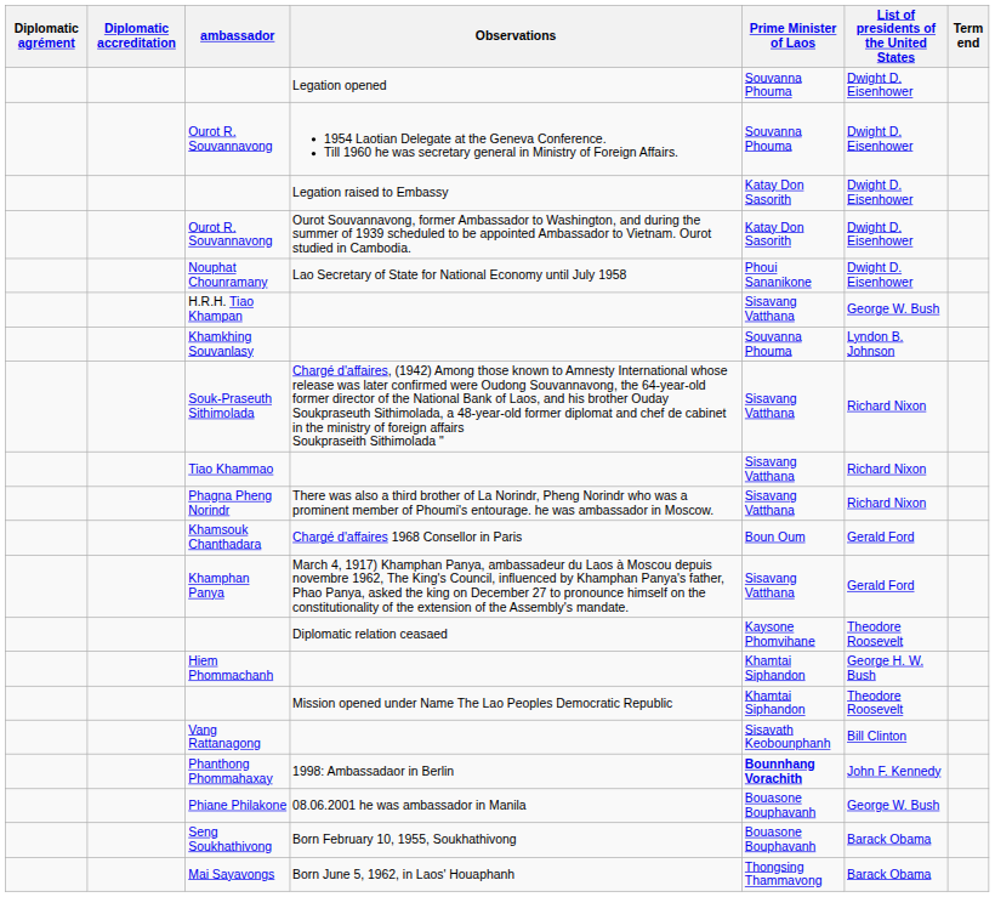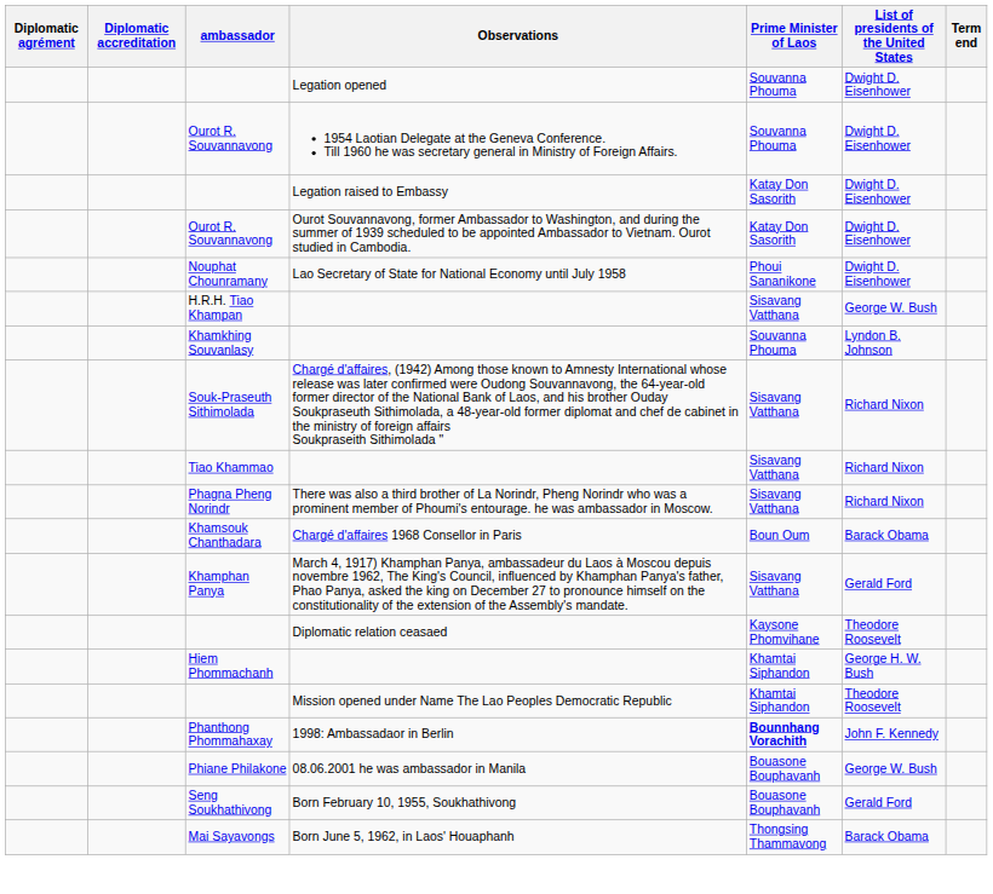 <table class="wikitable sortable">
 <tr>
 <th>Diplomatic <a href='#'>agrément</a></th>
 <th><a href='#'>Diplomatic accreditation</a></th>
 <th><a href='#'>ambassador</a></th>
 <th>Observations</th>
 <th><a href='#'>Prime Minister of Laos</a></th>
 <th><a href='#'>List of presidents of the United States</a></th>
 <th>Term end</th>
 </tr>
 <tr>
 <td></td>
 <td></td>
 <td></td>
 <td>Legation opened</td>
 <td><a href='#'>Souvanna Phouma</a></td>
 <td><a href='#'>Dwight D. Eisenhower</a></td>
 <td></td>
 </tr>
 <tr>
 <td></td>
 <td></td>
 <td><a href='#'>Ourot R. Souvannavong</a></td>
 <td><br><ul><li>1954 Laotian Delegate at the Geneva Conference.</li><li>Till 1960 he was secretary general in Ministry of Foreign Affairs.</li></ul></td>
 <td><a href='#'>Souvanna Phouma</a></td>
 <td><a href='#'>Dwight D. Eisenhower</a></td>
 <td></td>
 </tr>
 <tr>
 <td></td>
 <td></td>
 <td></td>
 <td>Legation raised to Embassy</td>
 <td><a href='#'>Katay Don Sasorith</a></td>
 <td><a href='#'>Dwight D. Eisenhower</a></td>
 <td></td>
 </tr>
 <tr>
 <td></td>
 <td></td>
 <td><a href='#'>Ourot R. Souvannavong</a></td>
 <td>Ourot Souvannavong, former Ambassador to Washington, and during the summer of 1939 scheduled to be appointed Ambassador to Vietnam. Ourot studied in Cambodia.</td>
 <td><a href='#'>Katay Don Sasorith</a></td>
 <td><a href='#'>Dwight D. Eisenhower</a></td>
 <td></td>
 </tr>
 <tr>
 <td></td>
 <td></td>
 <td><a href='#'>Nouphat Chounramany</a></td>
 <td>Lao Secretary of State for National Economy until July 1958</td>
 <td><a href='#'>Phoui Sananikone</a></td>
 <td><a href='#'>Dwight D. Eisenhower</a></td>
 <td></td>
 </tr>
 <tr>
 <td></td>
 <td></td>
 <td>H.R.H. <a href='#'>Tiao Khampan</a></td>
 <td></td>
 <td><a href='#'>Sisavang Vatthana</a></td>
 <td><a href='#'>George W. Bush</a></td>
 <td></td>
 </tr>
 <tr>
 <td></td>
 <td></td>
 <td><a href='#'>Khamkhing Souvanlasy</a></td>
 <td></td>
 <td><a href='#'>Souvanna Phouma</a></td>
 <td><a href='#'>Lyndon B. Johnson</a></td>
 <td></td>
 </tr>
 <tr>
 <td></td>
 <td></td>
 <td><a href='#'>Souk-Praseuth Sithimolada</a></td>
 <td><a href='#'>Chargé d'affaires</a>, (1942) Among those known to Amnesty International whose release was later confirmed were Oudong Souvannavong, the 64-year-old former director of the National Bank of Laos, and his brother Ouday Soukpraseuth Sithimolada, a 48-year-old former diplomat and chef de cabinet in the ministry of foreign affairs<br>Soukpraseith Sithimolada "</td>
 <td><a href='#'>Sisavang Vatthana</a></td>
 <td><a href='#'>Richard Nixon</a></td>
 <td></td>
 </tr>
 <tr>
 <td></td>
 <td></td>
 <td><a href='#'>Tiao Khammao</a></td>
 <td></td>
 <td><a href='#'>Sisavang Vatthana</a></td>
 <td><a href='#'>Richard Nixon</a></td>
 <td></td>
 </tr>
 <tr>
 <td></td>
 <td></td>
 <td><a href='#'>Phagna Pheng Norindr</a></td>
 <td>There was also a third brother of La Norindr, Pheng Norindr who was a prominent member of Phoumi's entourage. he was ambassador in Moscow.</td>
 <td><a href='#'>Sisavang Vatthana</a></td>
 <td><a href='#'>Richard Nixon</a></td>
 <td></td>
 </tr>
 <tr>
 <td></td>
 <td></td>
 <td><a href='#'>Khamsouk Chanthadara</a></td>
 <td><a href='#'>Chargé d'affaires</a> 1968 Consellor in Paris</td>
 <td><a href='#'>Boun Oum</a></td>
-<td><a href='#'>Gerald Ford</a></td>
+<td><a href='#'>Barack Obama</a></td>
 <td></td>
 </tr>
 <tr>
 <td></td>
 <td></td>
 <td><a href='#'>Khamphan Panya</a></td>
 <td>March 4, 1917) Khamphan Panya, ambassadeur du Laos à Moscou depuis novembre 1962, The King's Council, influenced by Khamphan Panya's father, Phao Panya, asked the king on December 27 to pronounce himself on the constitutionality of the extension of the Assembly's mandate.</td>
 <td><a href='#'>Sisavang Vatthana</a></td>
 <td><a href='#'>Gerald Ford</a></td>
 <td></td>
 </tr>
 <tr>
 <td></td>
 <td></td>
 <td></td>
 <td>Diplomatic relation ceasaed</td>
 <td><a href='#'>Kaysone Phomvihane</a></td>
 <td><a href='#'>Theodore Roosevelt</a></td>
 <td></td>
 </tr>
 <tr>
 <td></td>
 <td></td>
 <td><a href='#'>Hiem Phommachanh</a></td>
 <td></td>
 <td><a href='#'>Khamtai Siphandon</a></td>
 <td><a href='#'>George H. W. Bush</a></td>
 <td></td>
 </tr>
 <tr>
 <td></td>
 <td></td>
 <td></td>
 <td>Mission opened under Name The Lao Peoples Democratic Republic</td>
 <td><a href='#'>Khamtai Siphandon</a></td>
 <td><a href='#'>Theodore Roosevelt</a></td>
 <td></td>
 </tr>
 <tr>
 <td></td>
 <td></td>
-<td><a href='#'>Vang Rattanagong</a></td>
-<td></td>
-<td><a href='#'>Sisavath Keobounphanh</a></td>
-<td><a href='#'>Bill Clinton</a></td>
-<td></td>
-</tr>
-<tr>
-<td></td>
-<td></td>
 <td><a href='#'>Phanthong Phommahaxay</a></td>
 <td>1998: Ambassadaor in Berlin</td>
 <td><strong><a href='#'>Bounnhang Vorachith</a></strong></td>
 <td><a href='#'>John F. Kennedy</a></td>
 <td></td>
 </tr>
 <tr>
 <td></td>
 <td></td>
 <td><a href='#'>Phiane Philakone</a></td>
 <td>08.06.2001 he was ambassador in Manila </td>
 <td><a href='#'>Bouasone Bouphavanh</a></td>
 <td><a href='#'>George W. Bush</a></td>
 <td></td>
 </tr>
 <tr>
 <td></td>
 <td></td>
 <td><a href='#'>Seng Soukhathivong</a></td>
 <td>Born February 10, 1955, Soukhathivong </td>
 <td><a href='#'>Bouasone Bouphavanh</a></td>
-<td><a href='#'>Barack Obama</a></td>
+<td><a href='#'>Gerald Ford</a></td>
 <td></td>
 </tr>
 <tr>
 <td></td>
 <td></td>
 <td><a href='#'>Mai Sayavongs</a></td>
 <td>Born June 5, 1962, in Laos' Houaphanh </td>
 <td><a href='#'>Thongsing Thammavong</a></td>
 <td><a href='#'>Barack Obama</a></td>
 <td></td>
 </tr>
 </table>
